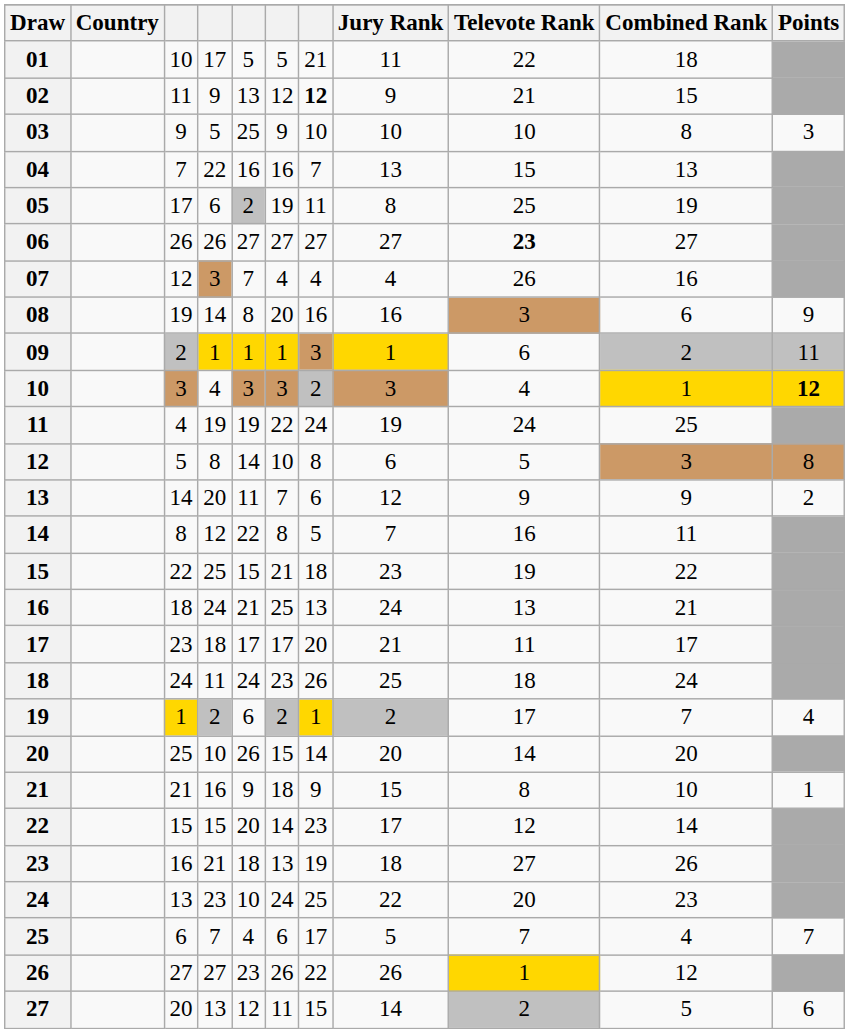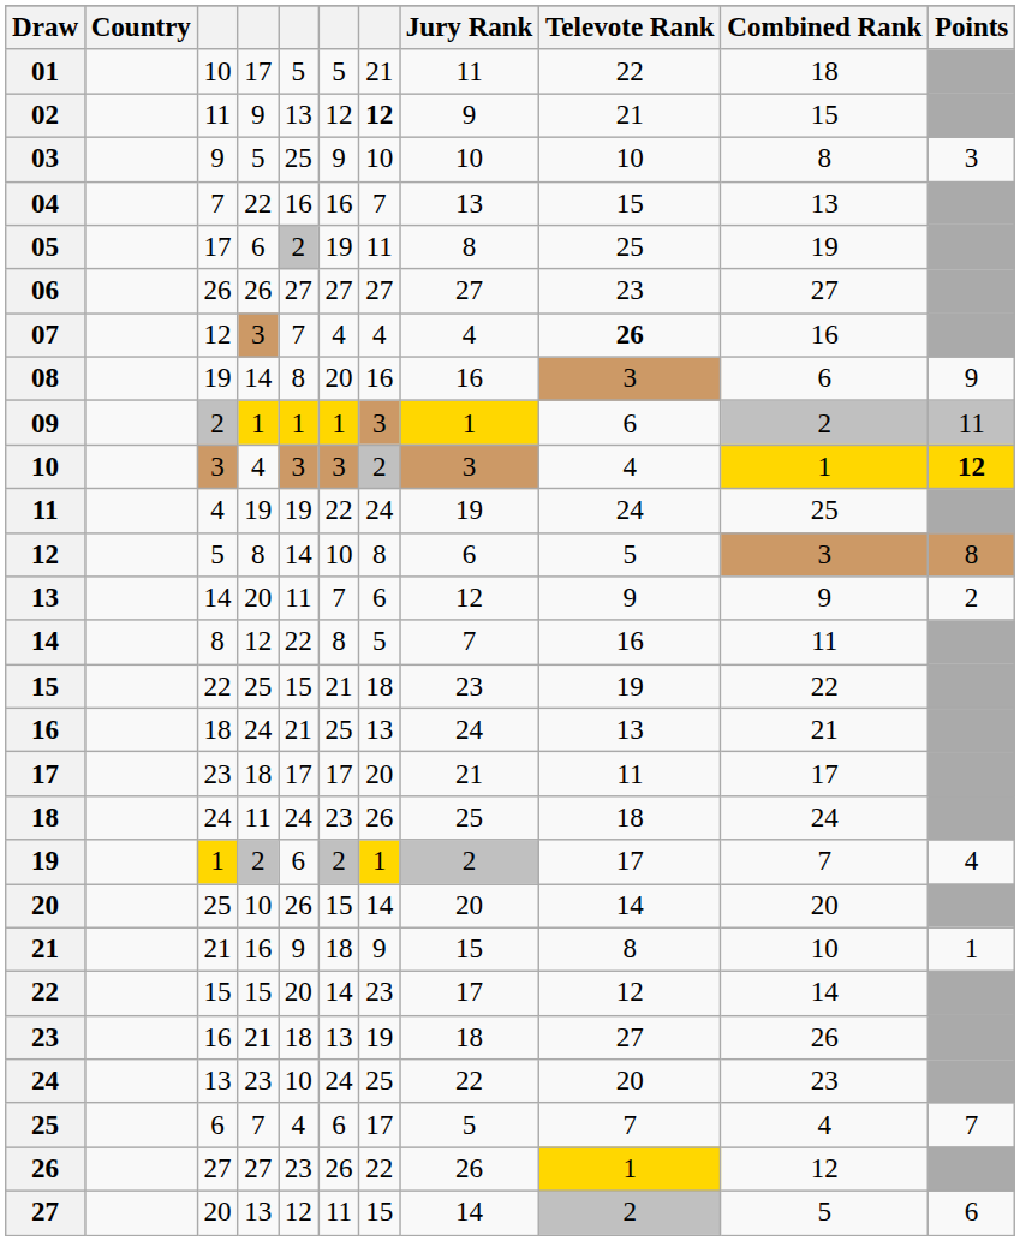 <table class="sortable wikitable collapsible plainrowheaders" style="text-align:center;">
 <tr>
 </tr>
 <tr>
 <th scope="col">Draw</th>
 <th scope="col">Country</th>
 <th scope="col"><small></small></th>
 <th scope="col"><small></small></th>
 <th scope="col"><small></small></th>
 <th scope="col"><small></small></th>
 <th scope="col"><small></small></th>
 <th scope="col">Jury Rank</th>
 <th scope="col">Televote Rank</th>
 <th scope="col">Combined Rank</th>
 <th scope="col">Points</th>
 </tr>
 <tr>
 <th scope="row" style="text-align:center;">01</th>
 <td style="text-align:left;"></td>
 <td>10</td>
 <td>17</td>
 <td>5</td>
 <td>5</td>
 <td>21</td>
 <td>11</td>
 <td>22</td>
 <td>18</td>
 <td style="background:#AAAAAA;"></td>
 </tr>
 <tr>
 <th scope="row" style="text-align:center;">02</th>
 <td style="text-align:left;"></td>
 <td>11</td>
 <td>9</td>
 <td>13</td>
 <td>12</td>
 <td><strong>12</strong></td>
 <td>9</td>
 <td>21</td>
 <td>15</td>
 <td style="background:#AAAAAA;"></td>
 </tr>
 <tr>
 <th scope="row" style="text-align:center;">03</th>
 <td style="text-align:left;"></td>
 <td>9</td>
 <td>5</td>
 <td>25</td>
 <td>9</td>
 <td>10</td>
 <td>10</td>
 <td>10</td>
 <td>8</td>
 <td>3</td>
 </tr>
 <tr>
 <th scope="row" style="text-align:center;">04</th>
 <td style="text-align:left;"></td>
 <td>7</td>
 <td>22</td>
 <td>16</td>
 <td>16</td>
 <td>7</td>
 <td>13</td>
 <td>15</td>
 <td>13</td>
 <td style="background:#AAAAAA;"></td>
 </tr>
 <tr>
 <th scope="row" style="text-align:center;">05</th>
 <td style="text-align:left;"></td>
 <td>17</td>
 <td>6</td>
 <td style="background:silver;">2</td>
 <td>19</td>
 <td>11</td>
 <td>8</td>
 <td>25</td>
 <td>19</td>
 <td style="background:#AAAAAA;"></td>
 </tr>
 <tr>
 <th scope="row" style="text-align:center;">06</th>
 <td style="text-align:left;"></td>
 <td>26</td>
 <td>26</td>
 <td>27</td>
 <td>27</td>
 <td>27</td>
 <td>27</td>
-<td><strong>23</strong></td>
+<td>23</td>
 <td>27</td>
 <td style="background:#AAAAAA;"></td>
 </tr>
 <tr>
 <th scope="row" style="text-align:center;">07</th>
 <td style="text-align:left;"></td>
 <td>12</td>
 <td style="background:#CC9966;">3</td>
 <td>7</td>
 <td>4</td>
 <td>4</td>
 <td>4</td>
-<td>26</td>
+<td><strong>26</strong></td>
 <td>16</td>
 <td style="background:#AAAAAA;"></td>
 </tr>
 <tr>
 <th scope="row" style="text-align:center;">08</th>
 <td style="text-align:left;"></td>
 <td>19</td>
 <td>14</td>
 <td>8</td>
 <td>20</td>
 <td>16</td>
 <td>16</td>
 <td style="background:#CC9966;">3</td>
 <td>6</td>
 <td>9</td>
 </tr>
 <tr>
 <th scope="row" style="text-align:center;">09</th>
 <td style="text-align:left;"></td>
 <td style="background:silver;">2</td>
 <td style="background:gold;">1</td>
 <td style="background:gold;">1</td>
 <td style="background:gold;">1</td>
 <td style="background:#CC9966;">3</td>
 <td style="background:gold;">1</td>
 <td>6</td>
 <td style="background:silver;">2</td>
 <td style="background:silver;">11</td>
 </tr>
 <tr>
 <th scope="row" style="text-align:center;">10</th>
 <td style="text-align:left;"></td>
 <td style="background:#CC9966;">3</td>
 <td>4</td>
 <td style="background:#CC9966;">3</td>
 <td style="background:#CC9966;">3</td>
 <td style="background:silver;">2</td>
 <td style="background:#CC9966;">3</td>
 <td>4</td>
 <td style="background:gold;">1</td>
 <td style="background:gold;"><strong>12</strong></td>
 </tr>
 <tr>
 <th scope="row" style="text-align:center;">11</th>
 <td style="text-align:left;"></td>
 <td>4</td>
 <td>19</td>
 <td>19</td>
 <td>22</td>
 <td>24</td>
 <td>19</td>
 <td>24</td>
 <td>25</td>
 <td style="background:#AAAAAA;"></td>
 </tr>
 <tr>
 <th scope="row" style="text-align:center;">12</th>
 <td style="text-align:left;"></td>
 <td>5</td>
 <td>8</td>
 <td>14</td>
 <td>10</td>
 <td>8</td>
 <td>6</td>
 <td>5</td>
 <td style="background:#CC9966;">3</td>
 <td style="background:#CC9966;">8</td>
 </tr>
 <tr>
 <th scope="row" style="text-align:center;">13</th>
 <td style="text-align:left;"></td>
 <td>14</td>
 <td>20</td>
 <td>11</td>
 <td>7</td>
 <td>6</td>
 <td>12</td>
 <td>9</td>
 <td>9</td>
 <td>2</td>
 </tr>
 <tr>
 <th scope="row" style="text-align:center;">14</th>
 <td style="text-align:left;"></td>
 <td>8</td>
 <td>12</td>
 <td>22</td>
 <td>8</td>
 <td>5</td>
 <td>7</td>
 <td>16</td>
 <td>11</td>
 <td style="background:#AAAAAA;"></td>
 </tr>
 <tr>
 <th scope="row" style="text-align:center;">15</th>
 <td style="text-align:left;"></td>
 <td>22</td>
 <td>25</td>
 <td>15</td>
 <td>21</td>
 <td>18</td>
 <td>23</td>
 <td>19</td>
 <td>22</td>
 <td style="background:#AAAAAA;"></td>
 </tr>
 <tr>
 <th scope="row" style="text-align:center;">16</th>
 <td style="text-align:left;"></td>
 <td>18</td>
 <td>24</td>
 <td>21</td>
 <td>25</td>
 <td>13</td>
 <td>24</td>
 <td>13</td>
 <td>21</td>
 <td style="background:#AAAAAA;"></td>
 </tr>
 <tr>
 <th scope="row" style="text-align:center;">17</th>
 <td style="text-align:left;"></td>
 <td>23</td>
 <td>18</td>
 <td>17</td>
 <td>17</td>
 <td>20</td>
 <td>21</td>
 <td>11</td>
 <td>17</td>
 <td style="background:#AAAAAA;"></td>
 </tr>
 <tr>
 <th scope="row" style="text-align:center;">18</th>
 <td style="text-align:left;"></td>
 <td>24</td>
 <td>11</td>
 <td>24</td>
 <td>23</td>
 <td>26</td>
 <td>25</td>
 <td>18</td>
 <td>24</td>
 <td style="background:#AAAAAA;"></td>
 </tr>
 <tr>
 <th scope="row" style="text-align:center;">19</th>
 <td style="text-align:left;"></td>
 <td style="background:gold;">1</td>
 <td style="background:silver;">2</td>
 <td>6</td>
 <td style="background:silver;">2</td>
 <td style="background:gold;">1</td>
 <td style="background:silver;">2</td>
 <td>17</td>
 <td>7</td>
 <td>4</td>
 </tr>
 <tr>
 <th scope="row" style="text-align:center;">20</th>
 <td style="text-align:left;"></td>
 <td>25</td>
 <td>10</td>
 <td>26</td>
 <td>15</td>
 <td>14</td>
 <td>20</td>
 <td>14</td>
 <td>20</td>
 <td style="background:#AAAAAA;"></td>
 </tr>
 <tr>
 <th scope="row" style="text-align:center;">21</th>
 <td style="text-align:left;"></td>
 <td>21</td>
 <td>16</td>
 <td>9</td>
 <td>18</td>
 <td>9</td>
 <td>15</td>
 <td>8</td>
 <td>10</td>
 <td>1</td>
 </tr>
 <tr>
 <th scope="row" style="text-align:center;">22</th>
 <td style="text-align:left;"></td>
 <td>15</td>
 <td>15</td>
 <td>20</td>
 <td>14</td>
 <td>23</td>
 <td>17</td>
 <td>12</td>
 <td>14</td>
 <td style="background:#AAAAAA;"></td>
 </tr>
 <tr>
 <th scope="row" style="text-align:center;">23</th>
 <td style="text-align:left;"></td>
 <td>16</td>
 <td>21</td>
 <td>18</td>
 <td>13</td>
 <td>19</td>
 <td>18</td>
 <td>27</td>
 <td>26</td>
 <td style="background:#AAAAAA;"></td>
 </tr>
 <tr>
 <th scope="row" style="text-align:center;">24</th>
 <td style="text-align:left;"></td>
 <td>13</td>
 <td>23</td>
 <td>10</td>
 <td>24</td>
 <td>25</td>
 <td>22</td>
 <td>20</td>
 <td>23</td>
 <td style="background:#AAAAAA;"></td>
 </tr>
 <tr>
 <th scope="row" style="text-align:center;">25</th>
 <td style="text-align:left;"></td>
 <td>6</td>
 <td>7</td>
 <td>4</td>
 <td>6</td>
 <td>17</td>
 <td>5</td>
 <td>7</td>
 <td>4</td>
 <td>7</td>
 </tr>
 <tr>
 <th scope="row" style="text-align:center;">26</th>
 <td style="text-align:left;"></td>
 <td>27</td>
 <td>27</td>
 <td>23</td>
 <td>26</td>
 <td>22</td>
 <td>26</td>
 <td style="background:gold;">1</td>
 <td>12</td>
 <td style="background:#AAAAAA;"></td>
 </tr>
 <tr>
 <th scope="row" style="text-align:center;">27</th>
 <td style="text-align:left;"></td>
 <td>20</td>
 <td>13</td>
 <td>12</td>
 <td>11</td>
 <td>15</td>
 <td>14</td>
 <td style="background:silver;">2</td>
 <td>5</td>
 <td>6</td>
 </tr>
 </table>
